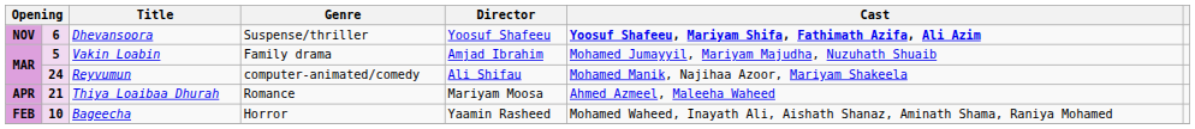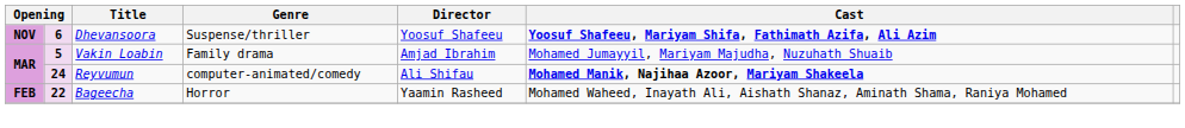 <table class="wikitable plainrowheaders" width="100%">
 <tr>
 <th scope="col" colspan="2">Opening</th>
 <th scope="col">Title</th>
 <th scope="col">Genre</th>
 <th scope="col">Director</th>
 <th scope="col">Cast</th>
 <th scope="col"></th>
 </tr>
 <tr>
 <td style="text-align:center; background:plum; textcolor:#000;"><strong>NOV</strong></td>
 <td style="text-align:center; background:#f1daf1;"><strong>6</strong></td>
 <td><em><a href='#'>Dhevansoora</a></em></td>
 <td>Suspense/thriller</td>
 <td><a href='#'>Yoosuf Shafeeu</a></td>
 <td><strong><a href='#'>Yoosuf Shafeeu</a>, <a href='#'>Mariyam Shifa</a>, <a href='#'>Fathimath Azifa</a>, <a href='#'>Ali Azim</a></strong></td>
 <td style="text-align:center;"></td>
 </tr>
 <tr>
 <td style="text-align:center; background:plum; textcolor:#000;" rowspan="2"><strong>MAR</strong></td>
 <td style="text-align:center; background:#f1daf1;"><strong>5</strong></td>
 <td><em><a href='#'>Vakin Loabin</a></em></td>
 <td>Family drama</td>
 <td><a href='#'>Amjad Ibrahim</a></td>
 <td><a href='#'>Mohamed Jumayyil</a>, <a href='#'>Mariyam Majudha</a>, <a href='#'>Nuzuhath Shuaib</a></td>
 <td style="text-align:center;"></td>
 </tr>
 <tr>
 <td style="text-align:center; background:#f1daf1;"><strong>24</strong></td>
 <td><em><a href='#'>Reyvumun</a></em></td>
 <td>computer-animated/comedy</td>
 <td><a href='#'>Ali Shifau</a></td>
-<td><a href='#'>Mohamed Manik</a>, Najihaa Azoor, <a href='#'>Mariyam Shakeela</a></td>
-<td style="text-align:center;"></td>
-</tr>
-<tr>
-<td style="text-align:center; background:plum; textcolor:#000;"><strong>APR</strong></td>
-<td style="text-align:center; background:#f1daf1;"><strong>21</strong></td>
-<td><em><a href='#'>Thiya Loaibaa Dhurah</a></em></td>
-<td>Romance</td>
-<td>Mariyam Moosa</td>
-<td><a href='#'>Ahmed Azmeel</a>, <a href='#'>Maleeha Waheed</a></td>
+<td><strong><a href='#'>Mohamed Manik</a>, Najihaa Azoor, <a href='#'>Mariyam Shakeela</a></strong></td>
 <td style="text-align:center;"></td>
 </tr>
 <tr>
 <td style="text-align:center; background:plum; textcolor:#000;"><strong>FEB</strong></td>
-<td style="text-align:center; background:#f1daf1;"><strong>10</strong></td>
+<td style="text-align:center; background:#f1daf1;"><strong>22</strong></td>
 <td><em><a href='#'>Bageecha</a></em></td>
 <td>Horror</td>
 <td>Yaamin Rasheed</td>
 <td>Mohamed Waheed, Inayath Ali, Aishath Shanaz, Aminath Shama, Raniya Mohamed</td>
 <td style="text-align:center;"></td>
 </tr>
 <tr>
 </tr>
 </table>
